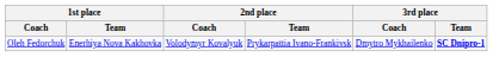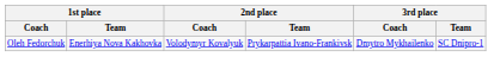 <table class="wikitable" style="font-size:75%">
 <tr>
 <th colspan=2>1st place</th>
 <th colspan=2>2nd place</th>
 <th colspan=2>3rd place</th>
 </tr>
 <tr>
 <th>Coach</th>
 <th>Team</th>
 <th>Coach</th>
 <th>Team</th>
 <th>Coach</th>
 <th>Team</th>
 </tr>
 <tr>
 <td><a href='#'>Oleh Fedorchuk</a></td>
 <td><a href='#'>Enerhiya Nova Kakhovka</a></td>
 <td><a href='#'>Volodymyr Kovalyuk</a></td>
 <td><a href='#'>Prykarpattia Ivano-Frankivsk</a></td>
 <td><a href='#'>Dmytro Mykhailenko</a></td>
-<td><strong><a href='#'>SC Dnipro-1</a></strong></td>
+<td><a href='#'>SC Dnipro-1</a></td>
 </tr>
 </table>
